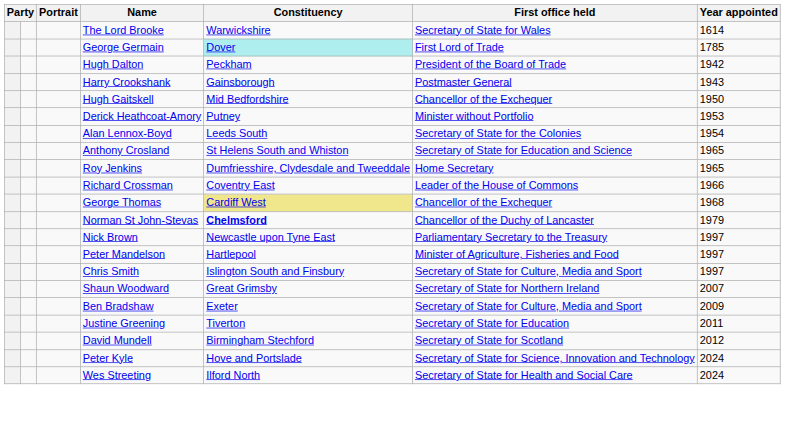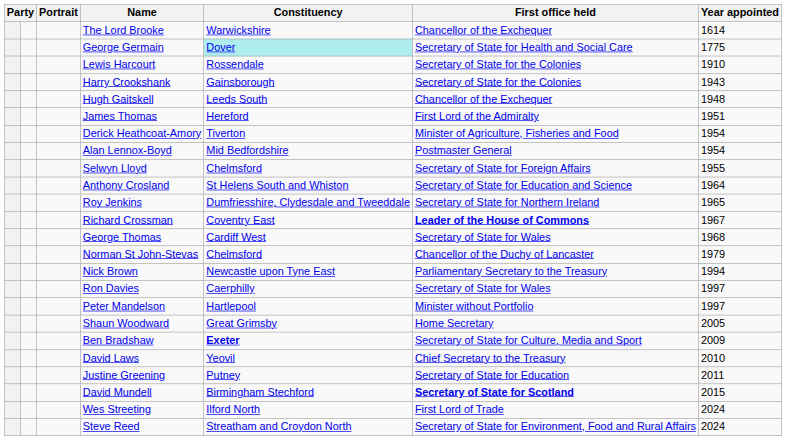 <table class="wikitable sortable">
 <tr>
 <th colspan=2>Party</th>
 <th>Portrait</th>
 <th>Name</th>
 <th>Constituency</th>
 <th>First office held</th>
 <th>Year appointed</th>
 </tr>
 <tr>
 <th style="background-color: "></th>
 <td></td>
 <td></td>
 <td><a href='#'>The Lord Brooke</a></td>
 <td><a href='#'>Warwickshire</a></td>
-<td><a href='#'>Secretary of State for Wales</a></td>
+<td><a href='#'>Chancellor of the Exchequer</a></td>
 <td>1614</td>
 </tr>
 <tr>
 <th style="background-color: "></th>
 <td></td>
 <td></td>
 <td><a href='#'>George Germain</a></td>
 <td style="background: paleturquoise;"><a href='#'>Dover</a></td>
-<td><a href='#'>First Lord of Trade</a></td>
-<td>1785</td>
+<td><a href='#'>Secretary of State for Health and Social Care</a></td>
+<td>1775</td>
 </tr>
 <tr>
 <th style="background-color: "></th>
 <td></td>
 <td></td>
-<td><a href='#'>Hugh Dalton</a></td>
-<td><a href='#'>Peckham</a></td>
-<td><a href='#'>President of the Board of Trade</a></td>
-<td>1942</td>
+<td><a href='#'>Lewis Harcourt</a></td>
+<td><a href='#'>Rossendale</a></td>
+<td><a href='#'>Secretary of State for the Colonies</a></td>
+<td>1910</td>
 </tr>
 <tr>
 <th style="background-color: "></th>
 <td></td>
 <td></td>
 <td><a href='#'>Harry Crookshank</a></td>
 <td><a href='#'>Gainsborough</a></td>
-<td><a href='#'>Postmaster General</a></td>
+<td><a href='#'>Secretary of State for the Colonies</a></td>
 <td>1943</td>
 </tr>
 <tr>
 <th style="background-color: "></th>
 <td></td>
 <td></td>
 <td><a href='#'>Hugh Gaitskell</a></td>
-<td><a href='#'>Mid Bedfordshire</a></td>
+<td><a href='#'>Leeds South</a></td>
 <td><a href='#'>Chancellor of the Exchequer</a></td>
-<td>1950</td>
+<td>1948</td>
+</tr>
+<tr>
+<th style="background-color: "></th>
+<td></td>
+<td></td>
+<td><a href='#'>James Thomas</a></td>
+<td><a href='#'>Hereford</a></td>
+<td><a href='#'>First Lord of the Admiralty</a></td>
+<td>1951</td>
 </tr>
 <tr>
 <th style="background-color: "></th>
 <td></td>
 <td></td>
 <td><a href='#'>Derick Heathcoat-Amory</a></td>
-<td><a href='#'>Putney</a></td>
-<td><a href='#'>Minister without Portfolio</a></td>
-<td>1953</td>
+<td><a href='#'>Tiverton</a></td>
+<td><a href='#'>Minister of Agriculture, Fisheries and Food</a></td>
+<td>1954</td>
 </tr>
 <tr>
 <th style="background-color: "></th>
 <td></td>
 <td></td>
 <td><a href='#'>Alan Lennox-Boyd</a></td>
-<td><a href='#'>Leeds South</a></td>
-<td><a href='#'>Secretary of State for the Colonies</a></td>
+<td><a href='#'>Mid Bedfordshire</a></td>
+<td><a href='#'>Postmaster General</a></td>
 <td>1954</td>
+</tr>
+<tr>
+<th style="background-color: "></th>
+<td></td>
+<td></td>
+<td><a href='#'>Selwyn Lloyd</a></td>
+<td><a href='#'>Chelmsford</a></td>
+<td><a href='#'>Secretary of State for Foreign Affairs</a></td>
+<td>1955</td>
 </tr>
 <tr>
 <th style="background-color: "></th>
 <td></td>
 <td></td>
 <td><a href='#'>Anthony Crosland</a></td>
 <td><a href='#'>St Helens South and Whiston</a></td>
 <td><a href='#'>Secretary of State for Education and Science</a></td>
-<td>1965</td>
+<td>1964</td>
 </tr>
 <tr>
 <th style="background-color: "></th>
 <td></td>
 <td></td>
 <td><a href='#'>Roy Jenkins</a></td>
 <td><a href='#'>Dumfriesshire, Clydesdale and Tweeddale</a></td>
-<td><a href='#'>Home Secretary</a></td>
+<td><a href='#'>Secretary of State for Northern Ireland</a></td>
 <td>1965</td>
 </tr>
 <tr>
 <th style="background-color: "></th>
 <td></td>
 <td></td>
 <td><a href='#'>Richard Crossman</a></td>
 <td><a href='#'>Coventry East</a></td>
-<td><a href='#'>Leader of the House of Commons</a></td>
-<td>1966</td>
+<td><strong><a href='#'>Leader of the House of Commons</a></strong></td>
+<td>1967</td>
 </tr>
 <tr>
 <th style="background-color: "></th>
 <td></td>
 <td></td>
 <td><a href='#'>George Thomas</a></td>
-<td style="background: khaki;"><a href='#'>Cardiff West</a></td>
-<td><a href='#'>Chancellor of the Exchequer</a></td>
+<td><a href='#'>Cardiff West</a></td>
+<td><a href='#'>Secretary of State for Wales</a></td>
 <td>1968</td>
 </tr>
 <tr>
 <th style="background-color: "></th>
 <td></td>
 <td></td>
 <td><a href='#'>Norman St John-Stevas</a></td>
-<td><strong><a href='#'>Chelmsford</a></strong></td>
+<td><a href='#'>Chelmsford</a></td>
 <td><a href='#'>Chancellor of the Duchy of Lancaster</a></td>
 <td>1979</td>
 </tr>
 <tr>
 <th style="background-color: "></th>
 <td></td>
 <td></td>
 <td><a href='#'>Nick Brown</a></td>
 <td><a href='#'>Newcastle upon Tyne East</a></td>
 <td><a href='#'>Parliamentary Secretary to the Treasury</a></td>
+<td>1994</td>
+</tr>
+<tr>
+<th style="background-color: "></th>
+<td></td>
+<td></td>
+<td><a href='#'>Ron Davies</a></td>
+<td><a href='#'>Caerphilly</a></td>
+<td><a href='#'>Secretary of State for Wales</a></td>
 <td>1997</td>
 </tr>
 <tr>
 <th style="background-color: "></th>
 <td></td>
 <td></td>
 <td><a href='#'>Peter Mandelson</a></td>
 <td><a href='#'>Hartlepool</a></td>
-<td><a href='#'>Minister of Agriculture, Fisheries and Food</a></td>
-<td>1997</td>
-</tr>
-<tr>
-<th style="background-color: "></th>
-<td></td>
-<td></td>
-<td><a href='#'>Chris Smith</a></td>
-<td><a href='#'>Islington South and Finsbury</a></td>
-<td><a href='#'>Secretary of State for Culture, Media and Sport</a></td>
+<td><a href='#'>Minister without Portfolio</a></td>
 <td>1997</td>
 </tr>
 <tr>
 <th style="background-color: "></th>
 <td></td>
 <td></td>
 <td><a href='#'>Shaun Woodward</a></td>
 <td><a href='#'>Great Grimsby</a></td>
-<td><a href='#'>Secretary of State for Northern Ireland</a></td>
-<td>2007</td>
+<td><a href='#'>Home Secretary</a></td>
+<td>2005</td>
 </tr>
 <tr>
 <th style="background-color: "></th>
 <td></td>
 <td></td>
 <td><a href='#'>Ben Bradshaw</a></td>
-<td><a href='#'>Exeter</a></td>
+<td><strong><a href='#'>Exeter</a></strong></td>
 <td><a href='#'>Secretary of State for Culture, Media and Sport</a></td>
 <td>2009</td>
 </tr>
 <tr>
 <th style="background-color: "></th>
 <td></td>
 <td></td>
+<td><a href='#'>David Laws</a></td>
+<td><a href='#'>Yeovil</a></td>
+<td><a href='#'>Chief Secretary to the Treasury</a></td>
+<td>2010</td>
+</tr>
+<tr>
+<th style="background-color: "></th>
+<td></td>
+<td></td>
 <td><a href='#'>Justine Greening</a></td>
-<td><a href='#'>Tiverton</a></td>
+<td><a href='#'>Putney</a></td>
 <td><a href='#'>Secretary of State for Education</a></td>
 <td>2011</td>
 </tr>
 <tr>
 <th style="background-color: "></th>
 <td></td>
 <td></td>
 <td><a href='#'>David Mundell</a></td>
 <td><a href='#'>Birmingham Stechford</a></td>
-<td><a href='#'>Secretary of State for Scotland</a></td>
-<td>2012</td>
-</tr>
-<tr>
-<th style="background-color: "></th>
-<td></td>
-<td></td>
-<td><a href='#'>Peter Kyle</a></td>
-<td><a href='#'>Hove and Portslade</a></td>
-<td><a href='#'>Secretary of State for Science, Innovation and Technology</a></td>
-<td>2024</td>
+<td><strong><a href='#'>Secretary of State for Scotland</a></strong></td>
+<td>2015</td>
 </tr>
 <tr>
 <th style="background-color: "></th>
 <td></td>
 <td></td>
 <td><a href='#'>Wes Streeting</a></td>
 <td><a href='#'>Ilford North</a></td>
-<td><a href='#'>Secretary of State for Health and Social Care</a></td>
+<td><a href='#'>First Lord of Trade</a></td>
+<td>2024</td>
+</tr>
+<tr>
+<th style="background-color: "></th>
+<td></td>
+<td></td>
+<td><a href='#'>Steve Reed</a></td>
+<td><a href='#'>Streatham and Croydon North</a></td>
+<td><a href='#'>Secretary of State for Environment, Food and Rural Affairs</a></td>
 <td>2024</td>
 </tr>
 </table>
